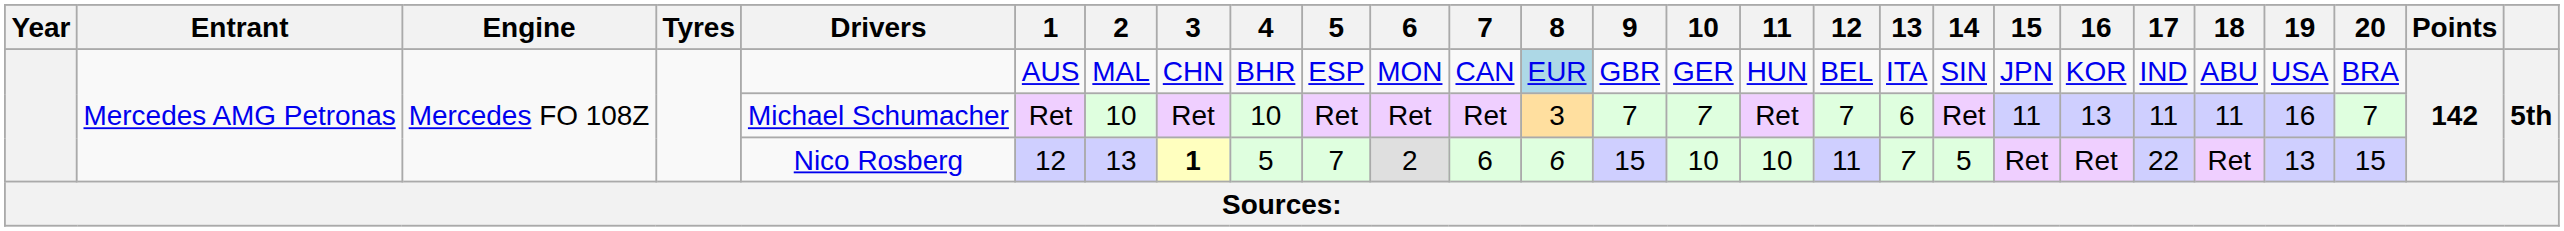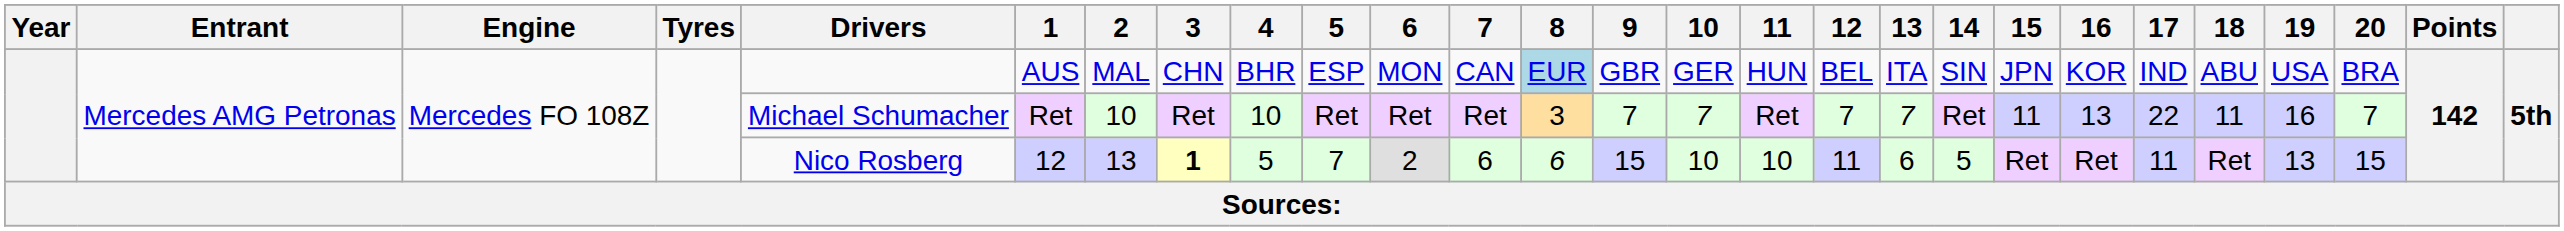 <table class="wikitable" style="text-align:center; font-size:95%">
 <tr>
 <th>Year</th>
 <th>Entrant</th>
 <th>Engine</th>
 <th>Tyres</th>
 <th>Drivers</th>
 <th>1</th>
 <th>2</th>
 <th>3</th>
 <th>4</th>
 <th>5</th>
 <th>6</th>
 <th>7</th>
 <th>8</th>
 <th>9</th>
 <th>10</th>
 <th>11</th>
 <th>12</th>
 <th>13</th>
 <th>14</th>
 <th>15</th>
 <th>16</th>
 <th>17</th>
 <th>18</th>
 <th>19</th>
 <th>20</th>
 <th>Points</th>
 <th></th>
 </tr>
 <tr>
 <th rowspan=3></th>
 <td rowspan=3><a href='#'>Mercedes AMG Petronas</a></td>
 <td rowspan=3><a href='#'>Mercedes</a> FO 108Z</td>
 <td rowspan=3></td>
 <td></td>
 <td><a href='#'>AUS</a></td>
 <td><a href='#'>MAL</a></td>
 <td><a href='#'>CHN</a></td>
 <td><a href='#'>BHR</a></td>
 <td><a href='#'>ESP</a></td>
 <td><a href='#'>MON</a></td>
 <td><a href='#'>CAN</a></td>
 <td style="background: lightblue;"><a href='#'>EUR</a></td>
 <td><a href='#'>GBR</a></td>
 <td><a href='#'>GER</a></td>
 <td><a href='#'>HUN</a></td>
 <td><a href='#'>BEL</a></td>
 <td><a href='#'>ITA</a></td>
 <td><a href='#'>SIN</a></td>
 <td><a href='#'>JPN</a></td>
 <td><a href='#'>KOR</a></td>
 <td><a href='#'>IND</a></td>
 <td><a href='#'>ABU</a></td>
 <td><a href='#'>USA</a></td>
 <td><a href='#'>BRA</a></td>
 <th rowspan=3>142</th>
 <th rowspan=3>5th</th>
 </tr>
 <tr>
 <td> <a href='#'>Michael Schumacher</a></td>
 <td style="background:#EFCFFF;">Ret</td>
 <td style="background:#DFFFDF;">10</td>
 <td style="background:#EFCFFF;">Ret</td>
 <td style="background:#DFFFDF;">10</td>
 <td style="background:#EFCFFF;">Ret</td>
 <td style="background:#EFCFFF;">Ret</td>
 <td style="background:#EFCFFF;">Ret</td>
 <td style="background:#ffdf9f;">3</td>
 <td style="background:#DFFFDF;">7</td>
 <td style="background:#DFFFDF;"><em>7</em></td>
 <td style="background:#EFCFFF;">Ret</td>
 <td style="background:#DFFFDF;">7</td>
-<td style="background:#DFFFDF;">6</td>
+<td style="background:#DFFFDF;"><em>7</em></td>
 <td style="background:#EFCFFF;">Ret</td>
 <td style="background:#CFCFFF;">11</td>
 <td style="background:#CFCFFF;">13</td>
-<td style="background:#CFCFFF;">11</td>
+<td style="background:#CFCFFF;">22</td>
 <td style="background:#CFCFFF;">11</td>
 <td style="background:#CFCFFF;">16</td>
 <td style="background:#DFFFDF;">7</td>
 </tr>
 <tr>
 <td> <a href='#'>Nico Rosberg</a></td>
 <td style="background:#CFCFFF;">12</td>
 <td style="background:#CFCFFF;">13</td>
 <td style="background:#FFFFBF;"><strong>1</strong></td>
 <td style="background:#DFFFDF;">5</td>
 <td style="background:#DFFFDF;">7</td>
 <td style="background:#DFDFDF;">2</td>
 <td style="background:#DFFFDF;">6</td>
 <td style="background:#DFFFDF;"><em>6</em></td>
 <td style="background:#CFCFFF;">15</td>
 <td style="background:#DFFFDF;">10</td>
 <td style="background:#DFFFDF;">10</td>
 <td style="background:#CFCFFF;">11</td>
-<td style="background:#DFFFDF;"><em>7</em></td>
+<td style="background:#DFFFDF;">6</td>
 <td style="background:#DFFFDF;">5</td>
 <td style="background:#EFCFFF;">Ret</td>
 <td style="background:#EFCFFF;">Ret</td>
-<td style="background:#CFCFFF;">22</td>
+<td style="background:#CFCFFF;">11</td>
 <td style="background:#EFCFFF;">Ret</td>
 <td style="background:#CFCFFF;">13</td>
 <td style="background:#CFCFFF;">15</td>
 </tr>
 <tr>
 <th colspan="28">Sources:</th>
 </tr>
 </table>
